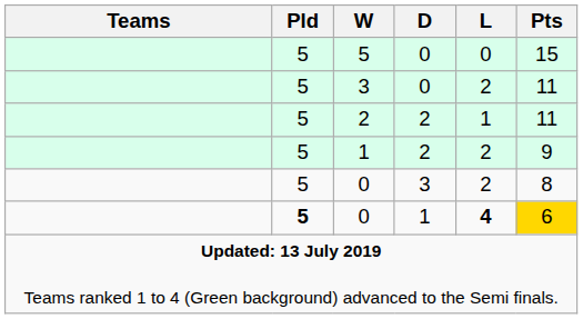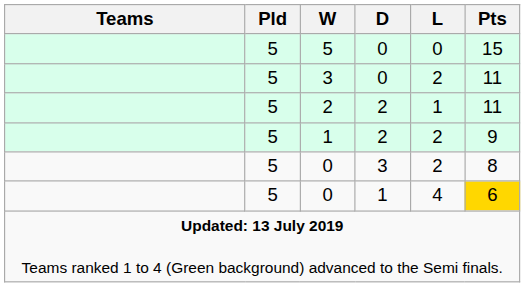 <table class="wikitable" style="text-align: center;">
 <tr>
 <th width="200">Teams</th>
 <th width="40">Pld</th>
 <th width="40">W</th>
 <th width="40">D</th>
 <th width="40">L</th>
 <th width="40">Pts</th>
 </tr>
 <tr bgcolor="#d8ffeb">
 <td align=left></td>
 <td>5</td>
 <td>5</td>
 <td>0</td>
 <td>0</td>
 <td>15</td>
 </tr>
 <tr bgcolor="#d8ffeb">
 <td align=left></td>
 <td>5</td>
 <td>3</td>
 <td>0</td>
 <td>2</td>
 <td>11</td>
 </tr>
 <tr bgcolor="#d8ffeb">
 <td align=left></td>
 <td>5</td>
 <td>2</td>
 <td>2</td>
 <td>1</td>
 <td>11</td>
 </tr>
 <tr bgcolor="#d8ffeb">
 <td align=left></td>
 <td>5</td>
 <td>1</td>
 <td>2</td>
 <td>2</td>
 <td>9</td>
 </tr>
 <tr>
 <td align=left></td>
 <td>5</td>
 <td>0</td>
 <td>3</td>
 <td>2</td>
 <td>8</td>
 </tr>
 <tr>
 <td align=left></td>
-<td><strong>5</strong></td>
+<td>5</td>
 <td>0</td>
 <td>1</td>
-<td><strong>4</strong></td>
+<td>4</td>
 <td style="background: gold;">6</td>
 </tr>
 <tr bgcolor="#f9f9f9" align=center>
 <td colspan="15" style="border:0px"><small><strong>Updated: 13 July 2019</strong></small><br> <br> <small>Teams ranked 1 to 4 <span>(Green background)</span> advanced to the Semi finals.<br></small></td>
 </tr>
 </table>
